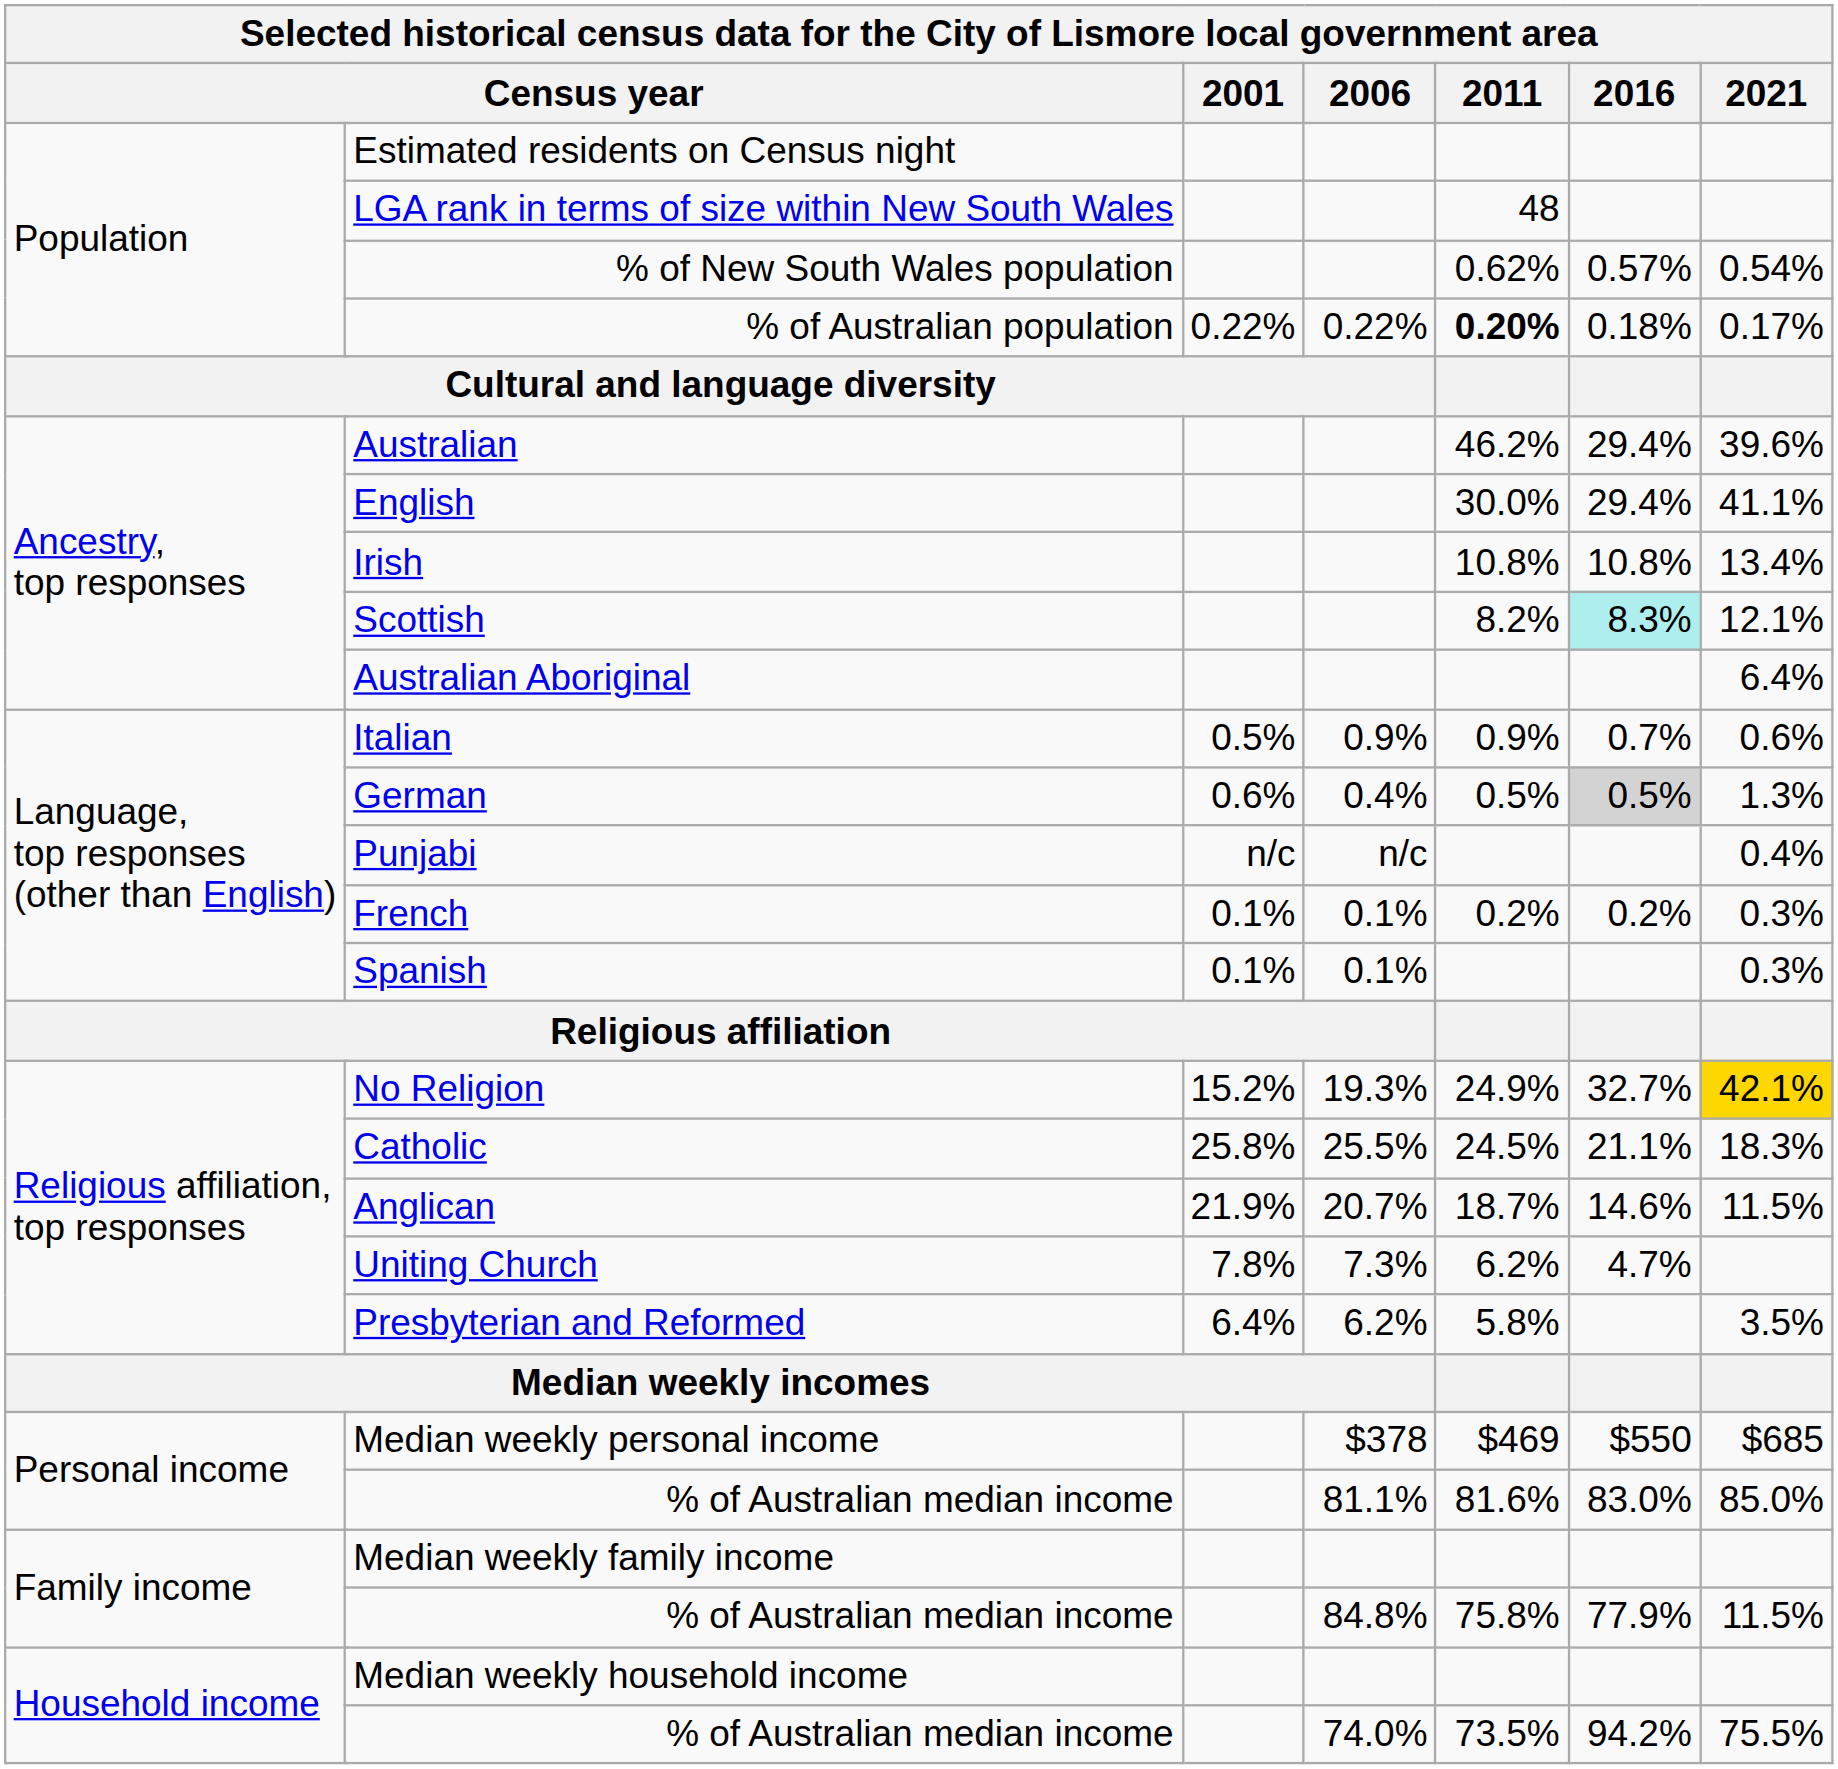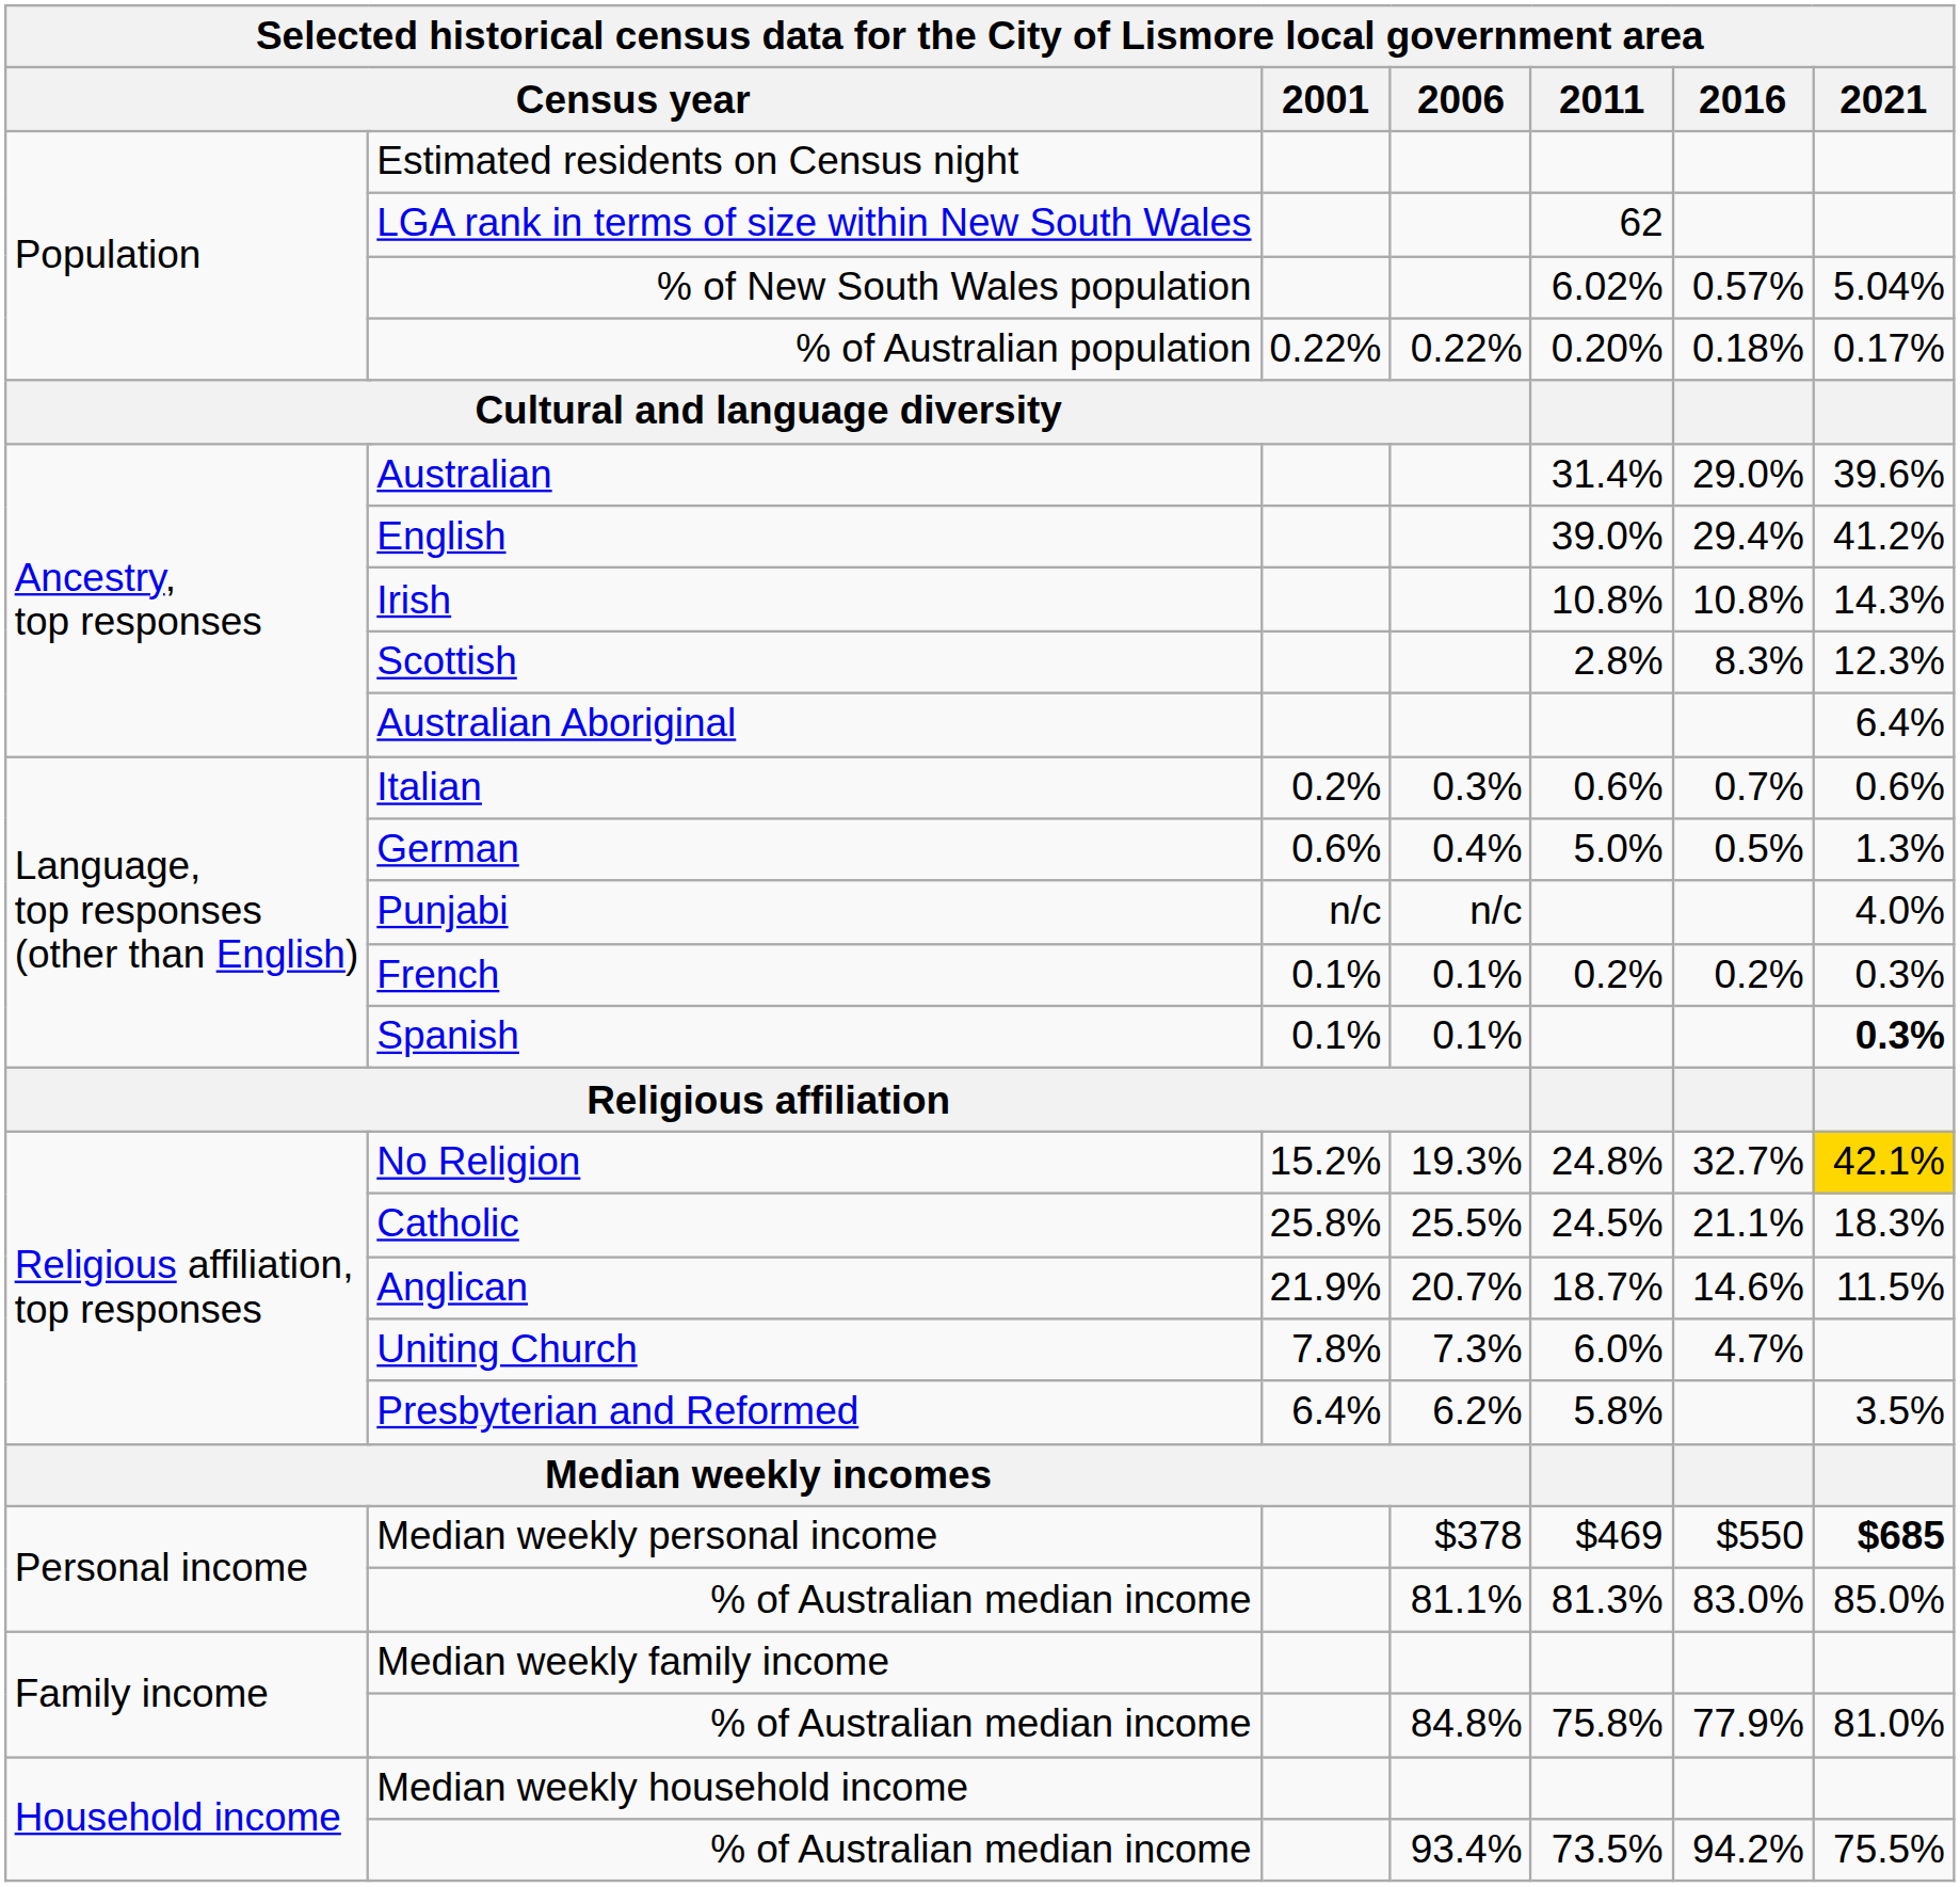 <table class="wikitable">
 <tr>
 <th colspan=8>Selected historical census data for the City of Lismore local government area</th>
 </tr>
 <tr>
 <th colspan=3>Census year</th>
 <th>2001</th>
 <th>2006</th>
 <th>2011</th>
 <th>2016</th>
 <th>2021</th>
 </tr>
 <tr>
 <td rowspan=4 colspan="2">Population</td>
 <td>Estimated residents on Census night</td>
 <td align="right"></td>
 <td align="right"> </td>
 <td align="right"> </td>
 <td align="right"> </td>
 <td align="right"> </td>
 </tr>
 <tr>
 <td align="right"><a href='#'>LGA rank in terms of size within New South Wales</a></td>
 <td align="right"></td>
 <td align="right"></td>
-<td align="right">48</td>
+<td align="right">62</td>
 <td align="right"></td>
 <td align="right"></td>
 </tr>
 <tr>
 <td align="right">% of New South Wales population</td>
 <td align="right"></td>
 <td align="right"></td>
-<td align="right">0.62%</td>
+<td align="right">6.02%</td>
 <td align="right"> 0.57%</td>
-<td align="right"> 0.54%</td>
+<td align="right"> 5.04%</td>
 </tr>
 <tr>
 <td align="right">% of Australian population</td>
 <td align="right">0.22%</td>
 <td align="right"> 0.22%</td>
-<td align="right"><strong> 0.20%</strong></td>
+<td align="right"> 0.20%</td>
 <td align="right"> 0.18%</td>
 <td align="right"> 0.17%</td>
 </tr>
 <tr>
 <th colspan=5>Cultural and language diversity</th>
 <th></th>
 <th></th>
 <th></th>
 </tr>
 <tr>
 <td rowspan=5 colspan=2><a href='#'>Ancestry</a>,<br>top responses</td>
 <td><a href='#'>Australian</a></td>
 <td align="right"></td>
 <td align="right"></td>
-<td align="right">46.2%</td>
-<td align="right"> 29.4%</td>
+<td align="right">31.4%</td>
+<td align="right"> 29.0%</td>
 <td align="right"> 39.6%</td>
 </tr>
 <tr>
 <td><a href='#'>English</a></td>
 <td align="right"></td>
 <td align="right"></td>
-<td align="right">30.0%</td>
+<td align="right">39.0%</td>
 <td align="right"> 29.4%</td>
-<td align="right"> 41.1%</td>
+<td align="right"> 41.2%</td>
 </tr>
 <tr>
 <td><a href='#'>Irish</a></td>
 <td align="right"></td>
 <td align="right"></td>
 <td align="right">10.8%</td>
 <td align="right"> 10.8%</td>
-<td align="right"> 13.4%</td>
+<td align="right"> 14.3%</td>
 </tr>
 <tr>
 <td><a href='#'>Scottish</a></td>
 <td align="right"></td>
 <td align="right"></td>
-<td align="right">8.2%</td>
-<td align="right" style="background: paleturquoise;"> 8.3%</td>
-<td align="right"> 12.1%</td>
+<td align="right">2.8%</td>
+<td align="right"> 8.3%</td>
+<td align="right"> 12.3%</td>
 </tr>
 <tr>
 <td><a href='#'>Australian Aboriginal</a></td>
 <td align="right"></td>
 <td align="right"></td>
 <td align="right"></td>
 <td align="right"></td>
 <td align="right">6.4%</td>
 </tr>
 <tr>
 <td rowspan=5 colspan=2>Language,<br>top responses<br>(other than <a href='#'>English</a>)</td>
 <td><a href='#'>Italian</a></td>
-<td align="right">0.5%</td>
-<td align="right"> 0.9%</td>
-<td align="right"> 0.9%</td>
+<td align="right">0.2%</td>
+<td align="right"> 0.3%</td>
+<td align="right"> 0.6%</td>
 <td align="right"> 0.7%</td>
 <td align="right"> 0.6%</td>
 </tr>
 <tr>
 <td><a href='#'>German</a></td>
 <td align="right">0.6%</td>
 <td align="right"> 0.4%</td>
+<td align="right"> 5.0%</td>
 <td align="right"> 0.5%</td>
-<td align="right" style="background: lightgrey;"> 0.5%</td>
 <td align="right"> 1.3%</td>
 </tr>
 <tr>
 <td><a href='#'>Punjabi</a></td>
 <td align="right">n/c</td>
 <td align="right">n/c</td>
 <td align="right"></td>
 <td align="right"></td>
-<td align="right">0.4%</td>
+<td align="right">4.0%</td>
 </tr>
 <tr>
 <td><a href='#'>French</a></td>
 <td align="right">0.1%</td>
 <td align="right"> 0.1%</td>
 <td align="right"> 0.2%</td>
 <td align="right"> 0.2%</td>
 <td align="right"> 0.3%</td>
 </tr>
 <tr>
 <td><a href='#'>Spanish</a></td>
 <td align="right">0.1%</td>
 <td align="right">0.1%</td>
 <td align="right"></td>
 <td align="right"></td>
-<td align="right">0.3%</td>
+<td align="right"><strong>0.3%</strong></td>
 </tr>
 <tr>
 <th colspan=5>Religious affiliation</th>
 <th></th>
 <th></th>
 <th></th>
 </tr>
 <tr>
 <td rowspan=5 colspan=2><a href='#'>Religious</a> affiliation,<br>top responses</td>
 <td><a href='#'>No Religion</a></td>
 <td align="right">15.2%</td>
 <td align="right"> 19.3%</td>
-<td align="right"> 24.9%</td>
+<td align="right"> 24.8%</td>
 <td align="right"> 32.7%</td>
 <td align="right" style="background: gold;"> 42.1%</td>
 </tr>
 <tr>
 <td><a href='#'>Catholic</a></td>
 <td align="right">25.8%</td>
 <td align="right"> 25.5%</td>
 <td align="right"> 24.5%</td>
 <td align="right"> 21.1%</td>
 <td align="right"> 18.3%</td>
 </tr>
 <tr>
 <td><a href='#'>Anglican</a></td>
 <td align="right">21.9%</td>
 <td align="right"> 20.7%</td>
 <td align="right"> 18.7%</td>
 <td align="right"> 14.6%</td>
 <td align="right"> 11.5%</td>
 </tr>
 <tr>
 <td><a href='#'>Uniting Church</a></td>
 <td align="right">7.8%</td>
 <td align="right"> 7.3%</td>
-<td align="right"> 6.2%</td>
+<td align="right"> 6.0%</td>
 <td align="right"> 4.7%</td>
 <td align="right"></td>
 </tr>
 <tr>
 <td><a href='#'>Presbyterian and Reformed</a></td>
 <td align="right">6.4%</td>
 <td align="right"> 6.2%</td>
 <td align="right"> 5.8%</td>
 <td align="right"></td>
 <td align="right">3.5%</td>
 </tr>
 <tr>
 <th colspan=5>Median weekly incomes</th>
 <th></th>
 <th></th>
 <th></th>
 </tr>
 <tr>
 <td rowspan=2 colspan=2>Personal income</td>
 <td>Median weekly personal income</td>
 <td align="right"></td>
 <td align="right">$378</td>
 <td align="right"> $469</td>
 <td align="right"> $550</td>
-<td align="right"> $685</td>
+<td align="right"><strong> $685</strong></td>
 </tr>
 <tr>
 <td align="right">% of Australian median income</td>
 <td align="right"></td>
 <td align="right">81.1%</td>
-<td align="right"> 81.6%</td>
+<td align="right"> 81.3%</td>
 <td align="right"> 83.0%</td>
 <td align="right"> 85.0%</td>
 </tr>
 <tr>
 <td rowspan=2 colspan=2>Family income</td>
 <td>Median weekly family income</td>
 <td align="right"></td>
 <td align="right"></td>
 <td align="right"> </td>
 <td align="right"> </td>
 <td align="right"> </td>
 </tr>
 <tr>
 <td align="right">% of Australian median income</td>
 <td align="right"></td>
 <td align="right">84.8%</td>
 <td align="right"> 75.8%</td>
 <td align="right"> 77.9%</td>
-<td align="right"> 11.5%</td>
+<td align="right"> 81.0%</td>
 </tr>
 <tr>
 <td rowspan=2 colspan=2><a href='#'>Household income</a></td>
 <td>Median weekly household income</td>
 <td align="right"></td>
 <td align="right"></td>
 <td align="right"> </td>
 <td align="right"> </td>
 <td align="right"> </td>
 </tr>
 <tr>
 <td align="right">% of Australian median income</td>
 <td align="right"></td>
-<td align="right">74.0%</td>
+<td align="right">93.4%</td>
 <td align="right"> 73.5%</td>
 <td align="right"> 94.2%</td>
 <td align="right"> 75.5%</td>
 </tr>
 </table>
